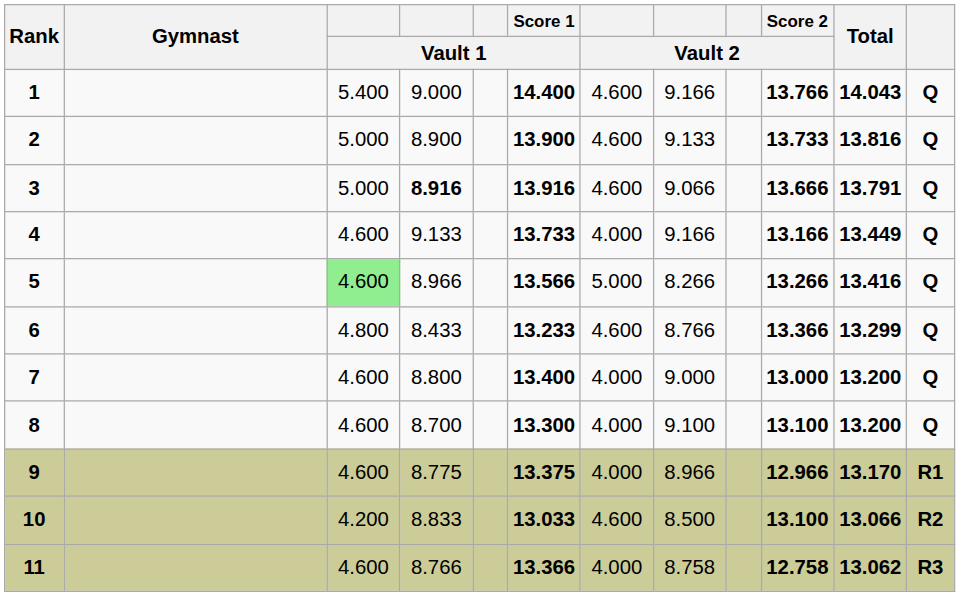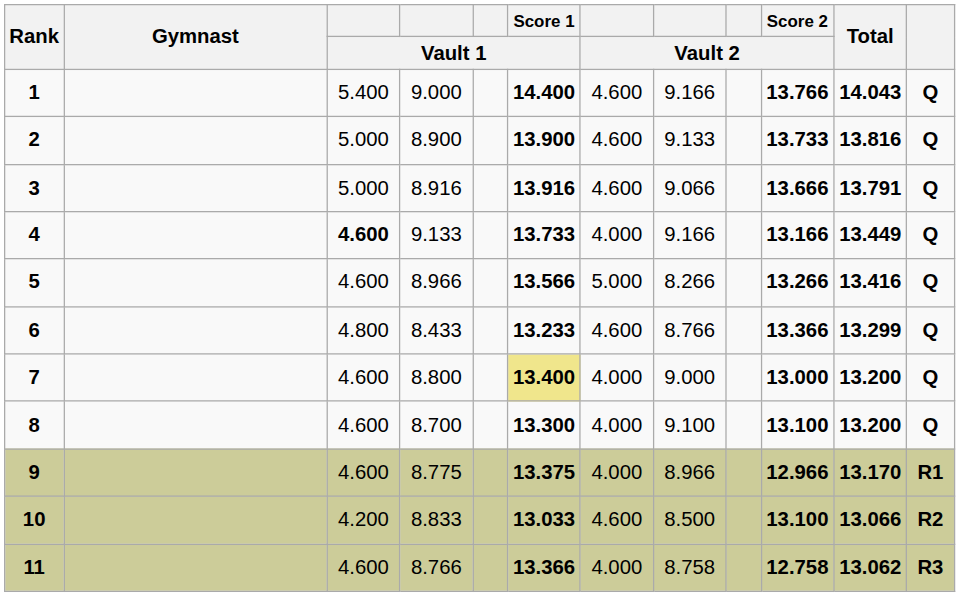 <table style="text-align:center;" class="wikitable sortable">
 <tr>
 <th style="width:15px;" rowspan="2">Rank</th>
 <th style="width:200px;" rowspan="2">Gymnast</th>
 <th style="width:50px;"><small></small></th>
 <th style="width:50px;"><small></small></th>
 <th style="width:20px;"><small></small></th>
 <th style="width:50px;"><small>Score 1</small></th>
 <th style="width:50px;"><small></small></th>
 <th style="width:50px;"><small></small></th>
 <th style="width:20px;"><small></small></th>
 <th style="width:50px;"><small>Score 2</small></th>
 <th style="width:50px;" rowspan="2">Total</th>
 <th style="width:30px;" rowspan="2"><small></small></th>
 </tr>
 <tr>
 <th colspan="4">Vault 1</th>
 <th colspan="4">Vault 2</th>
 </tr>
 <tr>
 <td scope="row" style="text-align:center"><strong>1</strong></td>
 <td style="height:30px; text-align:left;"></td>
 <td>5.400</td>
 <td>9.000</td>
 <td></td>
 <td><strong>14.400</strong></td>
 <td>4.600</td>
 <td>9.166</td>
 <td></td>
 <td><strong>13.766</strong></td>
 <td><strong>14.043</strong></td>
 <td><strong>Q</strong></td>
 </tr>
 <tr>
 <td scope="row" style="text-align:center"><strong>2</strong></td>
 <td style="height:30px; text-align:left;"></td>
 <td>5.000</td>
 <td>8.900</td>
 <td></td>
 <td><strong>13.900</strong></td>
 <td>4.600</td>
 <td>9.133</td>
 <td></td>
 <td><strong>13.733</strong></td>
 <td><strong>13.816</strong></td>
 <td><strong>Q</strong></td>
 </tr>
 <tr>
 <td scope="row" style="text-align:center"><strong>3</strong></td>
 <td style="height:30px; text-align:left;"></td>
 <td>5.000</td>
-<td><strong>8.916</strong></td>
+<td>8.916</td>
 <td></td>
 <td><strong>13.916</strong></td>
 <td>4.600</td>
 <td>9.066</td>
 <td></td>
 <td><strong>13.666</strong></td>
 <td><strong>13.791</strong></td>
 <td><strong>Q</strong></td>
 </tr>
 <tr>
 <td scope="row" style="text-align:center"><strong>4</strong></td>
 <td style="height:30px; text-align:left;"></td>
-<td>4.600</td>
+<td><strong>4.600</strong></td>
 <td>9.133</td>
 <td></td>
 <td><strong>13.733</strong></td>
 <td>4.000</td>
 <td>9.166</td>
 <td></td>
 <td><strong>13.166</strong></td>
 <td><strong>13.449</strong></td>
 <td><strong>Q</strong></td>
 </tr>
 <tr>
 <td scope="row" style="text-align:center"><strong>5</strong></td>
 <td style="height:30px; text-align:left;"></td>
-<td style="background: lightgreen;">4.600</td>
+<td>4.600</td>
 <td>8.966</td>
 <td></td>
 <td><strong>13.566</strong></td>
 <td>5.000</td>
 <td>8.266</td>
 <td></td>
 <td><strong>13.266</strong></td>
 <td><strong>13.416</strong></td>
 <td><strong>Q</strong></td>
 </tr>
 <tr>
 <td scope="row" style="text-align:center"><strong>6</strong></td>
 <td style="height:30px; text-align:left;"></td>
 <td>4.800</td>
 <td>8.433</td>
 <td></td>
 <td><strong>13.233</strong></td>
 <td>4.600</td>
 <td>8.766</td>
 <td></td>
 <td><strong>13.366</strong></td>
 <td><strong>13.299</strong></td>
 <td><strong>Q</strong></td>
 </tr>
 <tr>
 <td scope="row" style="text-align:center"><strong>7</strong></td>
 <td style="height:30px; text-align:left;"></td>
 <td>4.600</td>
 <td>8.800</td>
 <td></td>
-<td><strong>13.400</strong></td>
+<td style="background: khaki;"><strong>13.400</strong></td>
 <td>4.000</td>
 <td>9.000</td>
 <td></td>
 <td><strong>13.000</strong></td>
 <td><strong>13.200</strong></td>
 <td><strong>Q</strong></td>
 </tr>
 <tr>
 <td scope="row" style="text-align:center"><strong>8</strong></td>
 <td style="height:30px; text-align:left;"></td>
 <td>4.600</td>
 <td>8.700</td>
 <td></td>
 <td><strong>13.300</strong></td>
 <td>4.000</td>
 <td>9.100</td>
 <td></td>
 <td><strong>13.100</strong></td>
 <td><strong>13.200</strong></td>
 <td><strong>Q</strong></td>
 </tr>
 <tr style="background:#cccc99;">
 <td scope="row" style="text-align:center"><strong>9</strong></td>
 <td style="height:30px; text-align:left;"></td>
 <td>4.600</td>
 <td>8.775</td>
 <td></td>
 <td><strong>13.375</strong></td>
 <td>4.000</td>
 <td>8.966</td>
 <td></td>
 <td><strong>12.966</strong></td>
 <td><strong>13.170</strong></td>
 <td><strong>R1</strong></td>
 </tr>
 <tr style="background:#cccc99;">
 <td scope="row" style="text-align:center"><strong>10</strong></td>
 <td style="height:30px; text-align:left;"></td>
 <td>4.200</td>
 <td>8.833</td>
 <td></td>
 <td><strong>13.033</strong></td>
 <td>4.600</td>
 <td>8.500</td>
 <td></td>
 <td><strong>13.100</strong></td>
 <td><strong>13.066</strong></td>
 <td><strong>R2</strong></td>
 </tr>
 <tr style="background:#cccc99;">
 <td scope="row" style="text-align:center"><strong>11</strong></td>
 <td style="height:30px; text-align:left;"></td>
 <td>4.600</td>
 <td>8.766</td>
 <td></td>
 <td><strong>13.366</strong></td>
 <td>4.000</td>
 <td>8.758</td>
 <td></td>
 <td><strong>12.758</strong></td>
 <td><strong>13.062</strong></td>
 <td><strong>R3</strong></td>
 </tr>
 </table>
